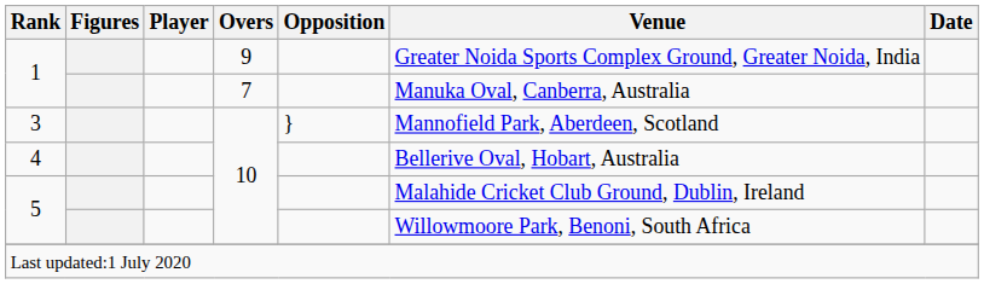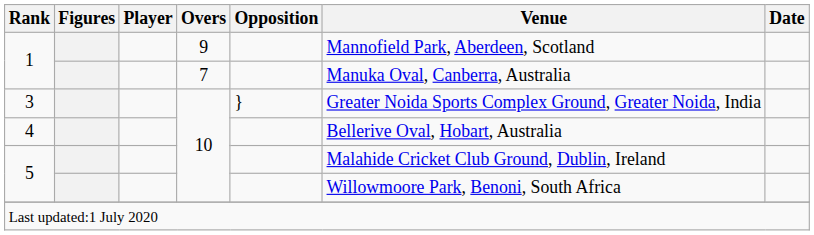 <table class="wikitable plainrowheaders sortable">
 <tr>
 <th scope=col>Rank</th>
 <th scope=col>Figures</th>
 <th scope=col>Player</th>
 <th scope=col>Overs</th>
 <th scope=col>Opposition</th>
 <th scope=col>Venue</th>
 <th scope=col>Date</th>
 </tr>
 <tr>
 <td align=center rowspan=2>1</td>
 <th scope=row style=text-align:center;></th>
 <td></td>
 <td align=center>9</td>
 <td></td>
-<td><a href='#'>Greater Noida Sports Complex Ground</a>, <a href='#'>Greater Noida</a>, India</td>
+<td><a href='#'>Mannofield Park</a>, <a href='#'>Aberdeen</a>, Scotland</td>
 <td></td>
 </tr>
 <tr>
 <th scope=row style=text-align:center;></th>
 <td></td>
 <td align=center>7</td>
 <td></td>
 <td><a href='#'>Manuka Oval</a>, <a href='#'>Canberra</a>, Australia</td>
 <td> </td>
 </tr>
 <tr>
 <td align=center>3</td>
 <th scope=row style=text-align:center;></th>
 <td></td>
 <td align=center rowspan=4>10</td>
 <td>}</td>
-<td><a href='#'>Mannofield Park</a>, <a href='#'>Aberdeen</a>, Scotland</td>
+<td><a href='#'>Greater Noida Sports Complex Ground</a>, <a href='#'>Greater Noida</a>, India</td>
 <td></td>
 </tr>
 <tr>
 <td align=center>4</td>
 <th scope=row style=text-align:center;></th>
 <td></td>
 <td></td>
 <td><a href='#'>Bellerive Oval</a>, <a href='#'>Hobart</a>, Australia</td>
 <td> </td>
 </tr>
 <tr>
 <td align=center rowspan=2>5</td>
 <th scope=row style=text-align:center;></th>
 <td></td>
 <td></td>
 <td><a href='#'>Malahide Cricket Club Ground</a>, <a href='#'>Dublin</a>, Ireland</td>
 <td></td>
 </tr>
 <tr>
 <th scope=row style=text-align:center;></th>
 <td></td>
 <td></td>
 <td><a href='#'>Willowmoore Park</a>, <a href='#'>Benoni</a>, South Africa</td>
 <td></td>
 </tr>
 <tr>
 </tr>
 <tr class=sortbottom>
 <td colspan=7><small>Last updated:1 July 2020</small></td>
 </tr>
 </table>
